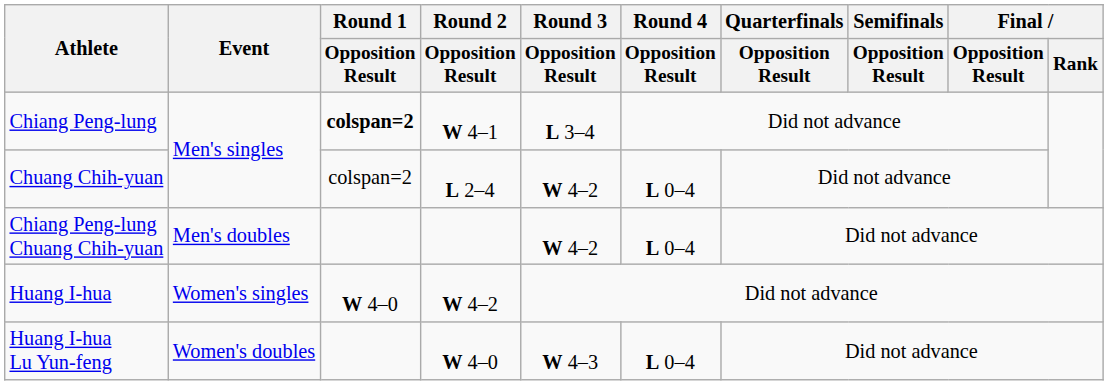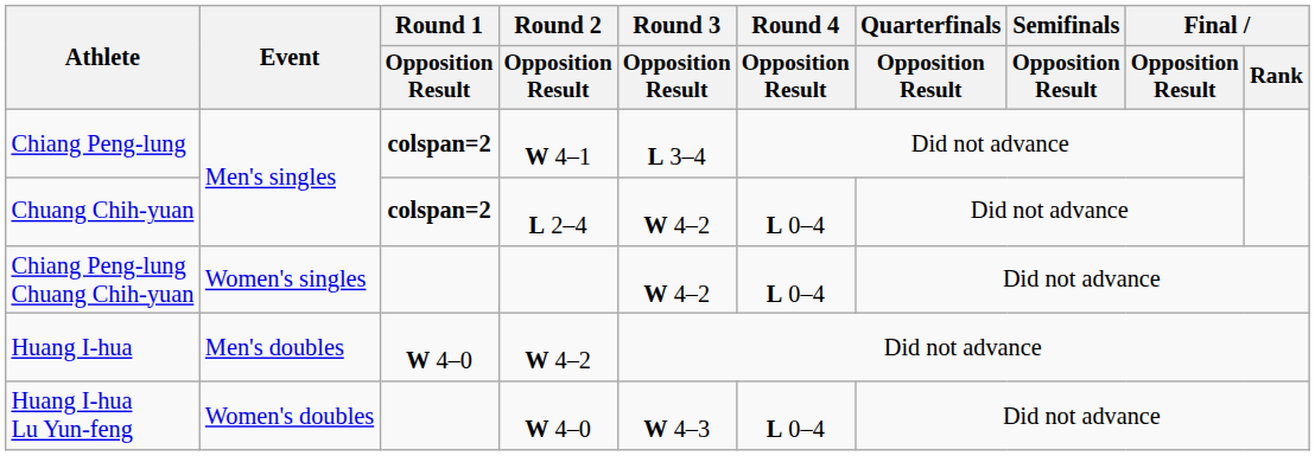 <table class="wikitable" style="font-size:90%">
 <tr>
 <th rowspan="2">Athlete</th>
 <th rowspan="2">Event</th>
 <th>Round 1</th>
 <th>Round 2</th>
 <th>Round 3</th>
 <th>Round 4</th>
 <th>Quarterfinals</th>
 <th>Semifinals</th>
 <th colspan=2>Final / </th>
 </tr>
 <tr style="font-size:95%">
 <th>Opposition<br>Result</th>
 <th>Opposition<br>Result</th>
 <th>Opposition<br>Result</th>
 <th>Opposition<br>Result</th>
 <th>Opposition<br>Result</th>
 <th>Opposition<br>Result</th>
 <th>Opposition<br>Result</th>
 <th>Rank</th>
 </tr>
 <tr align=center>
 <td align=left><a href='#'>Chiang Peng-lung</a></td>
 <td align=left rowspan=2><a href='#'>Men's singles</a></td>
 <td><strong>colspan=2 </strong></td>
 <td><br><strong>W</strong> 4–1</td>
 <td><br><strong>L</strong> 3–4</td>
 <td colspan=4>Did not advance</td>
 </tr>
 <tr align=center>
 <td align=left><a href='#'>Chuang Chih-yuan</a></td>
-<td>colspan=2 </td>
+<td><strong>colspan=2 </strong></td>
 <td><br><strong>L</strong> 2–4</td>
 <td><br><strong>W</strong> 4–2</td>
 <td><br><strong>L</strong> 0–4</td>
 <td colspan=3>Did not advance</td>
 </tr>
 <tr align=center>
 <td align=left><a href='#'>Chiang Peng-lung</a><br><a href='#'>Chuang Chih-yuan</a></td>
-<td align=left><a href='#'>Men's doubles</a></td>
+<td align=left><a href='#'>Women's singles</a></td>
 <td></td>
 <td></td>
 <td><br> <strong>W</strong> 4–2</td>
 <td><br><strong>L</strong> 0–4</td>
 <td colspan=4>Did not advance</td>
 </tr>
 <tr align=center>
 <td align=left><a href='#'>Huang I-hua</a></td>
-<td align=left><a href='#'>Women's singles</a></td>
+<td align=left><a href='#'>Men's doubles</a></td>
 <td><br><strong>W</strong> 4–0</td>
 <td><br><strong>W</strong> 4–2</td>
 <td colspan=6>Did not advance</td>
 </tr>
 <tr align=center>
 <td align=left><a href='#'>Huang I-hua</a><br><a href='#'>Lu Yun-feng</a></td>
 <td align=left><a href='#'>Women's doubles</a></td>
 <td></td>
 <td><br> <strong>W</strong> 4–0</td>
 <td><br> <strong>W</strong> 4–3</td>
 <td><br><strong>L</strong> 0–4</td>
 <td colspan=4>Did not advance</td>
 </tr>
 </table>
